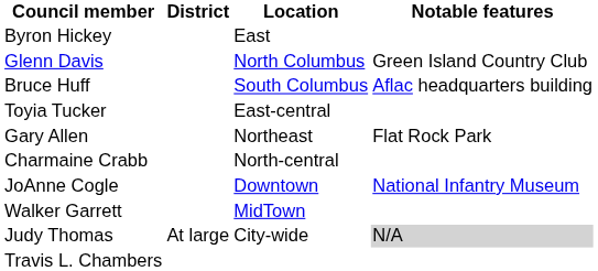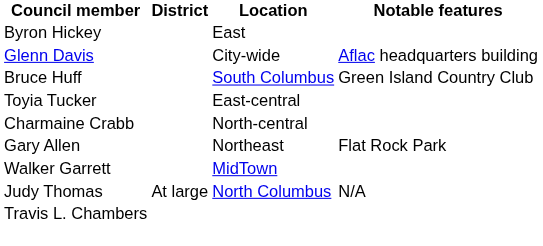 <table>
 <tr>
 <th> Council member</th>
 <th> District</th>
 <th> Location</th>
 <th> Notable features</th>
 </tr>
 <tr>
 <td> Byron Hickey</td>
 <td> </td>
 <td> East</td>
 <td> </td>
 </tr>
 <tr>
 <td> <a href='#'>Glenn Davis</a></td>
 <td> </td>
-<td> <a href='#'>North Columbus</a></td>
-<td> Green Island Country Club</td>
+<td>City-wide</td>
+<td> <a href='#'>Aflac</a> headquarters building</td>
 </tr>
 <tr>
 <td> Bruce Huff</td>
 <td> </td>
 <td> <a href='#'>South Columbus</a></td>
-<td> <a href='#'>Aflac</a> headquarters building</td>
+<td> Green Island Country Club</td>
 </tr>
 <tr>
 <td> Toyia Tucker</td>
 <td> </td>
 <td> East-central</td>
 <td> </td>
 </tr>
 <tr>
-<td> Gary Allen</td>
-<td> </td>
-<td> Northeast</td>
-<td> Flat Rock Park</td>
-</tr>
-<tr>
 <td> Charmaine Crabb</td>
 <td> </td>
 <td> North-central</td>
 <td> </td>
 </tr>
 <tr>
-<td> JoAnne Cogle</td>
+<td> Gary Allen</td>
 <td> </td>
-<td> <a href='#'>Downtown</a></td>
-<td> <a href='#'>National Infantry Museum</a></td>
+<td> Northeast</td>
+<td> Flat Rock Park</td>
 </tr>
 <tr>
 <td> Walker Garrett</td>
 <td> </td>
 <td> <a href='#'>MidTown</a></td>
 <td> </td>
 </tr>
 <tr>
 <td> Judy Thomas</td>
 <td>At large</td>
-<td>City-wide</td>
-<td style="background: lightgrey;">N/A</td>
+<td> <a href='#'>North Columbus</a></td>
+<td>N/A</td>
 </tr>
 <tr>
 <td> Travis L. Chambers<br>  </td>
 </tr>
 </table>
